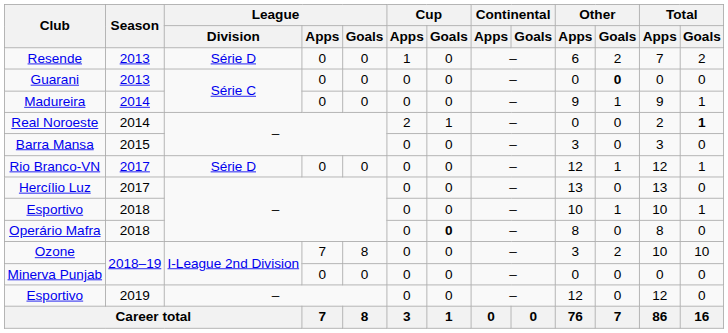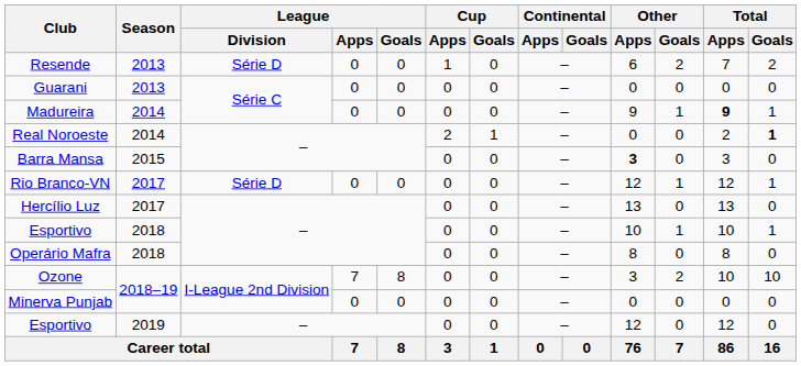 <table class="wikitable" style="text-align: center">
 <tr>
 <th rowspan="2">Club</th>
 <th rowspan="2">Season</th>
 <th colspan="3">League</th>
 <th colspan="2">Cup</th>
 <th colspan="2">Continental</th>
 <th colspan="2">Other</th>
 <th colspan="2">Total</th>
 </tr>
 <tr>
 <th>Division</th>
 <th>Apps</th>
 <th>Goals</th>
 <th>Apps</th>
 <th>Goals</th>
 <th>Apps</th>
 <th>Goals</th>
 <th>Apps</th>
 <th>Goals</th>
 <th>Apps</th>
 <th>Goals</th>
 </tr>
 <tr>
 <td><a href='#'>Resende</a></td>
 <td><a href='#'>2013</a></td>
 <td><a href='#'>Série D</a></td>
 <td>0</td>
 <td>0</td>
 <td>1</td>
 <td>0</td>
 <td colspan="2">–</td>
 <td>6</td>
 <td>2</td>
 <td>7</td>
 <td>2</td>
 </tr>
 <tr>
 <td><a href='#'>Guarani</a></td>
 <td><a href='#'>2013</a></td>
 <td rowspan="2"><a href='#'>Série C</a></td>
 <td>0</td>
 <td>0</td>
 <td>0</td>
 <td>0</td>
 <td colspan="2">–</td>
 <td>0</td>
-<td><strong>0</strong></td>
+<td>0</td>
 <td>0</td>
 <td>0</td>
 </tr>
 <tr>
 <td><a href='#'>Madureira</a></td>
 <td><a href='#'>2014</a></td>
 <td>0</td>
 <td>0</td>
 <td>0</td>
 <td>0</td>
 <td colspan="2">–</td>
 <td>9</td>
 <td>1</td>
-<td>9</td>
+<td><strong>9</strong></td>
 <td>1</td>
 </tr>
 <tr>
 <td><a href='#'>Real Noroeste</a></td>
 <td>2014</td>
 <td rowspan="2" colspan="3">–</td>
 <td>2</td>
 <td>1</td>
 <td colspan="2">–</td>
 <td>0</td>
 <td>0</td>
 <td>2</td>
 <td><strong>1</strong></td>
 </tr>
 <tr>
 <td><a href='#'>Barra Mansa</a></td>
 <td>2015</td>
 <td>0</td>
 <td>0</td>
 <td colspan="2">–</td>
-<td>3</td>
+<td><strong>3</strong></td>
 <td>0</td>
 <td>3</td>
 <td>0</td>
 </tr>
 <tr>
 <td><a href='#'>Rio Branco-VN</a></td>
 <td><a href='#'>2017</a></td>
 <td><a href='#'>Série D</a></td>
 <td>0</td>
 <td>0</td>
 <td>0</td>
 <td>0</td>
 <td colspan="2">–</td>
 <td>12</td>
 <td>1</td>
 <td>12</td>
 <td>1</td>
 </tr>
 <tr>
 <td><a href='#'>Hercílio Luz</a></td>
 <td>2017</td>
 <td rowspan="3" colspan="3">–</td>
 <td>0</td>
 <td>0</td>
 <td colspan="2">–</td>
 <td>13</td>
 <td>0</td>
 <td>13</td>
 <td>0</td>
 </tr>
 <tr>
 <td><a href='#'>Esportivo</a></td>
 <td>2018</td>
 <td>0</td>
 <td>0</td>
 <td colspan="2">–</td>
 <td>10</td>
 <td>1</td>
 <td>10</td>
 <td>1</td>
 </tr>
 <tr>
 <td><a href='#'>Operário Mafra</a></td>
 <td>2018</td>
 <td>0</td>
-<td><strong>0</strong></td>
+<td>0</td>
 <td colspan="2">–</td>
 <td>8</td>
 <td>0</td>
 <td>8</td>
 <td>0</td>
 </tr>
 <tr>
 <td><a href='#'>Ozone</a></td>
 <td rowspan="2"><a href='#'>2018–19</a></td>
 <td rowspan="2"><a href='#'>I-League 2nd Division</a></td>
 <td>7</td>
 <td>8</td>
 <td>0</td>
 <td>0</td>
 <td colspan="2">–</td>
 <td>3</td>
 <td>2</td>
 <td>10</td>
 <td>10</td>
 </tr>
 <tr>
 <td><a href='#'>Minerva Punjab</a></td>
 <td>0</td>
 <td>0</td>
 <td>0</td>
 <td>0</td>
 <td colspan="2">–</td>
 <td>0</td>
 <td>0</td>
 <td>0</td>
 <td>0</td>
 </tr>
 <tr>
 <td><a href='#'>Esportivo</a></td>
 <td>2019</td>
 <td colspan="3">–</td>
 <td>0</td>
 <td>0</td>
 <td colspan="2">–</td>
 <td>12</td>
 <td>0</td>
 <td>12</td>
 <td>0</td>
 </tr>
 <tr>
 <th colspan="3"><strong>Career total</strong></th>
 <th>7</th>
 <th>8</th>
 <th>3</th>
 <th>1</th>
 <th>0</th>
 <th>0</th>
 <th>76</th>
 <th>7</th>
 <th>86</th>
 <th>16</th>
 </tr>
 </table>
